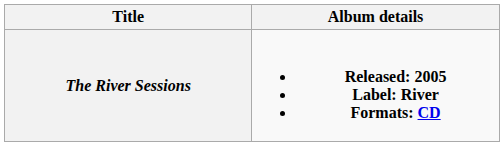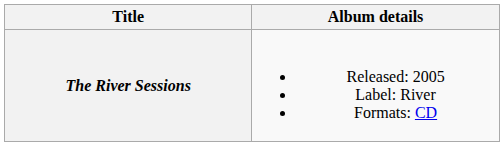 <table class="wikitable plainrowheaders" style="text-align:center;">
 <tr>
 <th scope="col" style="width:15em;">Title</th>
 <th scope="col" style="width:15em;">Album details</th>
 </tr>
 <tr>
 <th scope="row"><em>The River Sessions</em></th>
-<td><strong><br><ul><li>Released: 2005</li><li>Label: River</li><li>Formats: <a href='#'>CD</a></li></ul></strong></td>
+<td><br><ul><li>Released: 2005</li><li>Label: River</li><li>Formats: <a href='#'>CD</a></li></ul></td>
 </tr>
 </table>
